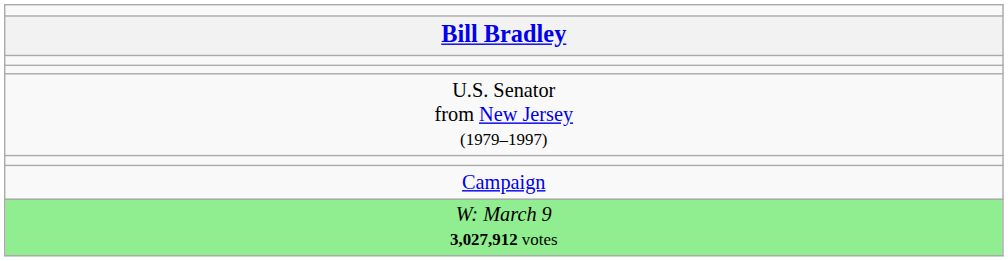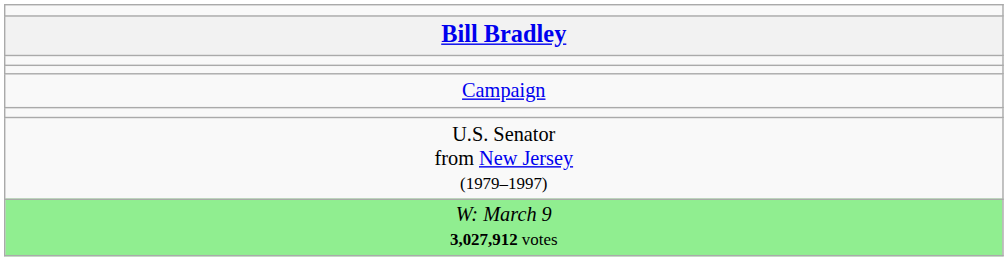 <table class="wikitable mw-collapsible mw-collapsed" style="font-size:90%">
 <tr>
 <td style="text-align:center; width:700px; font-size:120%; color:white; background:"></td>
 </tr>
 <tr>
 <th scope="col" style="width:3em; font-size:120%;"><a href='#'>Bill Bradley</a></th>
 </tr>
 <tr>
 <td></td>
 </tr>
 <tr>
 <td></td>
 </tr>
 <tr style="text-align:center">
-<td>U.S. Senator<br>from <a href='#'>New Jersey</a><br><small>(1979–1997)</small></td>
+<td><a href='#'>Campaign</a></td>
 </tr>
 <tr>
 <td></td>
 </tr>
 <tr style="text-align:center">
-<td><a href='#'>Campaign</a></td>
+<td>U.S. Senator<br>from <a href='#'>New Jersey</a><br><small>(1979–1997)</small></td>
 </tr>
 <tr style="text-align:center">
 <td style="background: lightgreen;"><em>W: March 9</em><br><small><strong>3,027,912</strong> votes</small></td>
 </tr>
 </table>
